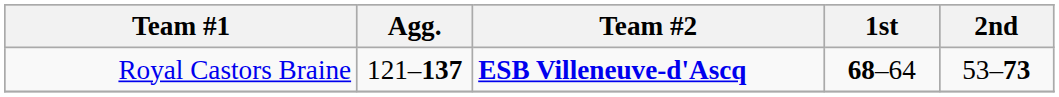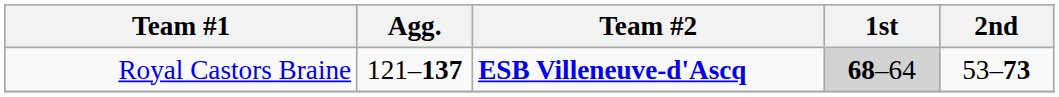 <table class=wikitable style="text-align:center">
 <tr>
 <th width=200>Team #1</th>
 <th width=60>Agg.</th>
 <th width=200>Team #2</th>
 <th width=60>1st</th>
 <th width=60>2nd</th>
 </tr>
 <tr>
 <td align=right><a href='#'>Royal Castors Braine</a> </td>
 <td align=center>121–<strong>137</strong></td>
 <td align=left> <strong><a href='#'>ESB Villeneuve-d'Ascq</a></strong></td>
-<td align=center><strong>68</strong>–64</td>
+<td align=center style="background: lightgrey;"><strong>68</strong>–64</td>
 <td align=center>53–<strong>73</strong></td>
 </tr>
 <tr>
 </tr>
 </table>
